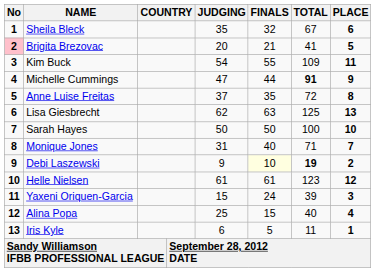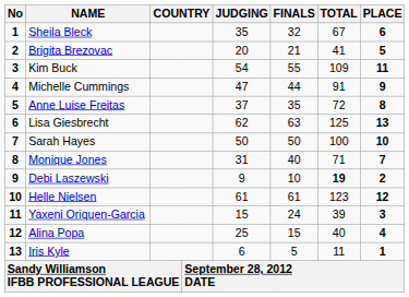 <table class="wikitable">
 <tr>
 <th>No</th>
 <th>NAME</th>
 <th colspan="2">COUNTRY</th>
 <th>JUDGING</th>
 <th>FINALS</th>
 <th>TOTAL</th>
 <th>PLACE</th>
 </tr>
 <tr>
 <td style="text-align: center"><strong>1</strong></td>
 <td><a href='#'>Sheila Bleck</a></td>
 <td colspan="2"></td>
 <td style="text-align: center">35</td>
 <td style="text-align: center">32</td>
 <td style="text-align: center">67</td>
 <td style="text-align: center"><strong>6</strong></td>
 </tr>
 <tr>
-<td style="background: pink; text-align: center"><strong>2</strong></td>
+<td style="text-align: center"><strong>2</strong></td>
 <td><a href='#'>Brigita Brezovac</a></td>
 <td colspan="2"></td>
 <td style="text-align: center">20</td>
 <td style="text-align: center">21</td>
 <td style="text-align: center">41</td>
 <td style="text-align: center"><strong>5</strong></td>
 </tr>
 <tr>
 <td style="text-align: center"><strong>3</strong></td>
 <td>Kim Buck</td>
 <td colspan="2"></td>
 <td style="text-align: center">54</td>
 <td style="text-align: center">55</td>
 <td style="text-align: center">109</td>
 <td style="text-align: center"><strong>11</strong></td>
 </tr>
 <tr>
 <td style="text-align: center"><strong>4</strong></td>
 <td>Michelle Cummings</td>
 <td colspan="2"></td>
 <td style="text-align: center">47</td>
 <td style="text-align: center">44</td>
-<td style="text-align: center"><strong>91</strong></td>
+<td style="text-align: center">91</td>
 <td style="text-align: center"><strong>9</strong></td>
 </tr>
 <tr>
 <td style="text-align: center"><strong>5</strong></td>
 <td><a href='#'>Anne Luise Freitas</a></td>
 <td colspan="2"></td>
 <td style="text-align: center">37</td>
 <td style="text-align: center">35</td>
 <td style="text-align: center">72</td>
 <td style="text-align: center"><strong>8</strong></td>
 </tr>
 <tr>
 <td style="text-align: center"><strong>6</strong></td>
 <td>Lisa Giesbrecht</td>
 <td colspan="2"></td>
 <td style="text-align: center">62</td>
 <td style="text-align: center">63</td>
 <td style="text-align: center">125</td>
 <td style="text-align: center"><strong>13</strong></td>
 </tr>
 <tr>
 <td style="text-align: center"><strong>7</strong></td>
 <td>Sarah Hayes</td>
 <td colspan="2"></td>
 <td style="text-align: center">50</td>
 <td style="text-align: center">50</td>
 <td style="text-align: center">100</td>
 <td style="text-align: center"><strong>10</strong></td>
 </tr>
 <tr>
 <td style="text-align: center"><strong>8</strong></td>
 <td><a href='#'>Monique Jones</a></td>
 <td colspan="2"></td>
 <td style="text-align: center">31</td>
 <td style="text-align: center">40</td>
 <td style="text-align: center">71</td>
 <td style="text-align: center"><strong>7</strong></td>
 </tr>
 <tr>
 <td style="text-align: center"><strong>9</strong></td>
 <td><a href='#'>Debi Laszewski</a></td>
 <td colspan="2"></td>
 <td style="text-align: center">9</td>
-<td style="background: lightyellow; text-align: center">10</td>
+<td style="text-align: center">10</td>
 <td style="text-align: center"><strong>19</strong></td>
 <td style="text-align: center"><strong>2</strong></td>
 </tr>
 <tr>
 <td style="text-align: center"><strong>10</strong></td>
 <td><a href='#'>Helle Nielsen</a></td>
 <td colspan="2"></td>
 <td style="text-align: center">61</td>
 <td style="text-align: center">61</td>
 <td style="text-align: center">123</td>
 <td style="text-align: center"><strong>12</strong></td>
 </tr>
 <tr>
 <td style="text-align: center"><strong>11</strong></td>
 <td><a href='#'>Yaxeni Oriquen-Garcia</a></td>
 <td colspan="2"></td>
 <td style="text-align: center">15</td>
 <td style="text-align: center">24</td>
 <td style="text-align: center">39</td>
 <td style="text-align: center"><strong>3</strong></td>
 </tr>
 <tr>
 <td style="text-align: center"><strong>12</strong></td>
 <td><a href='#'>Alina Popa</a></td>
 <td colspan="2"></td>
 <td style="text-align: center">25</td>
 <td style="text-align: center">15</td>
 <td style="text-align: center">40</td>
 <td style="text-align: center"><strong>4</strong></td>
 </tr>
 <tr>
 <td style="text-align: center"><strong>13</strong></td>
 <td><a href='#'>Iris Kyle</a></td>
 <td colspan="2"></td>
 <td style="text-align: center">6</td>
 <td style="text-align: center">5</td>
 <td style="text-align: center">11</td>
 <td style="text-align: center"><strong>1</strong></td>
 </tr>
 <tr>
 <th colspan="3" style="text-align: left"><u>Sandy Williamson</u><br>IFBB PROFESSIONAL LEAGUE</th>
 <th colspan="5" style="text-align: left"><u>September 28, 2012</u><br>DATE</th>
 </tr>
 </table>
